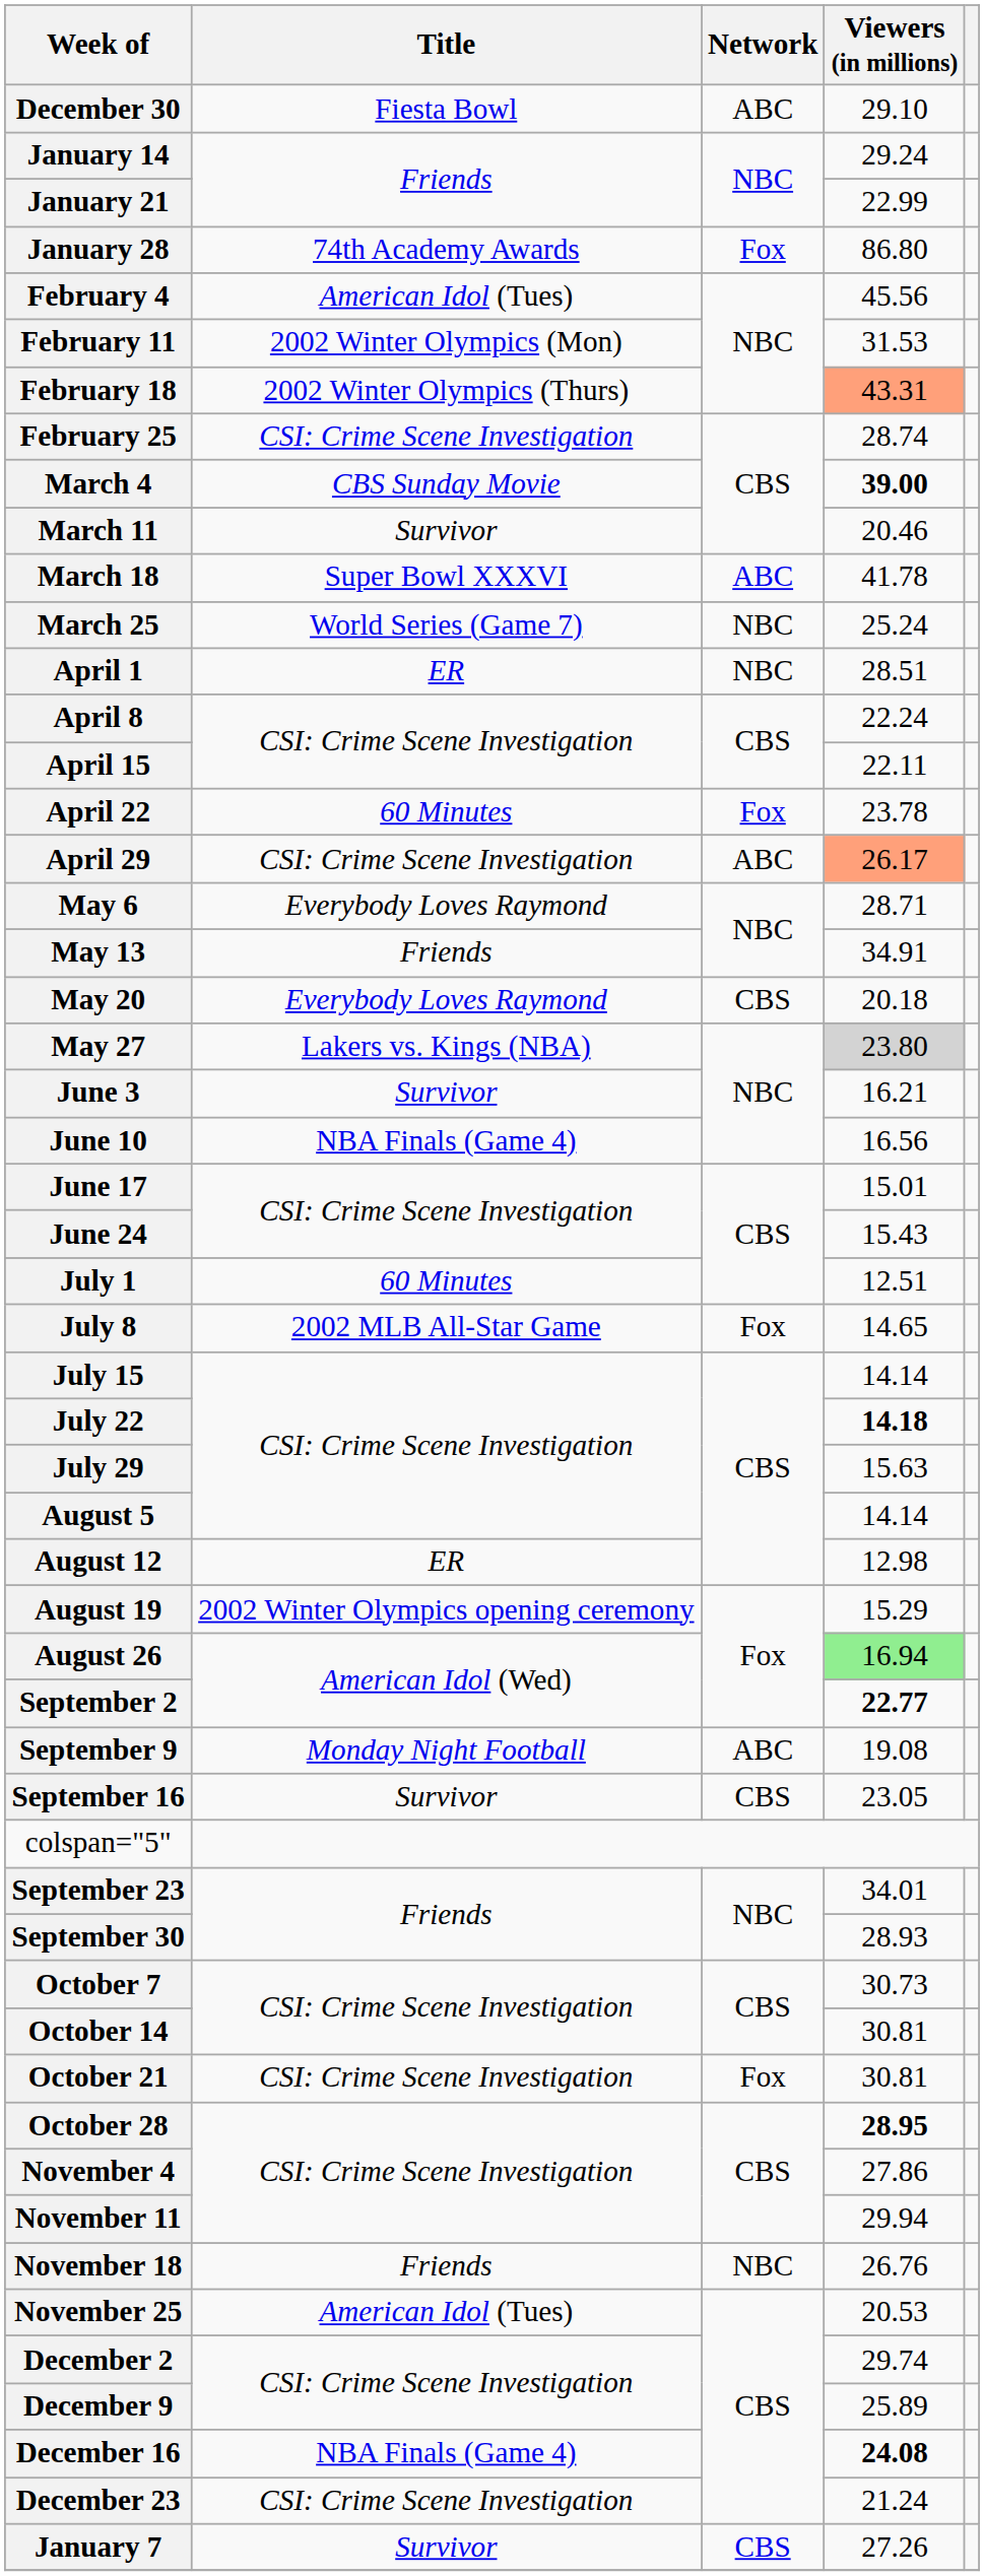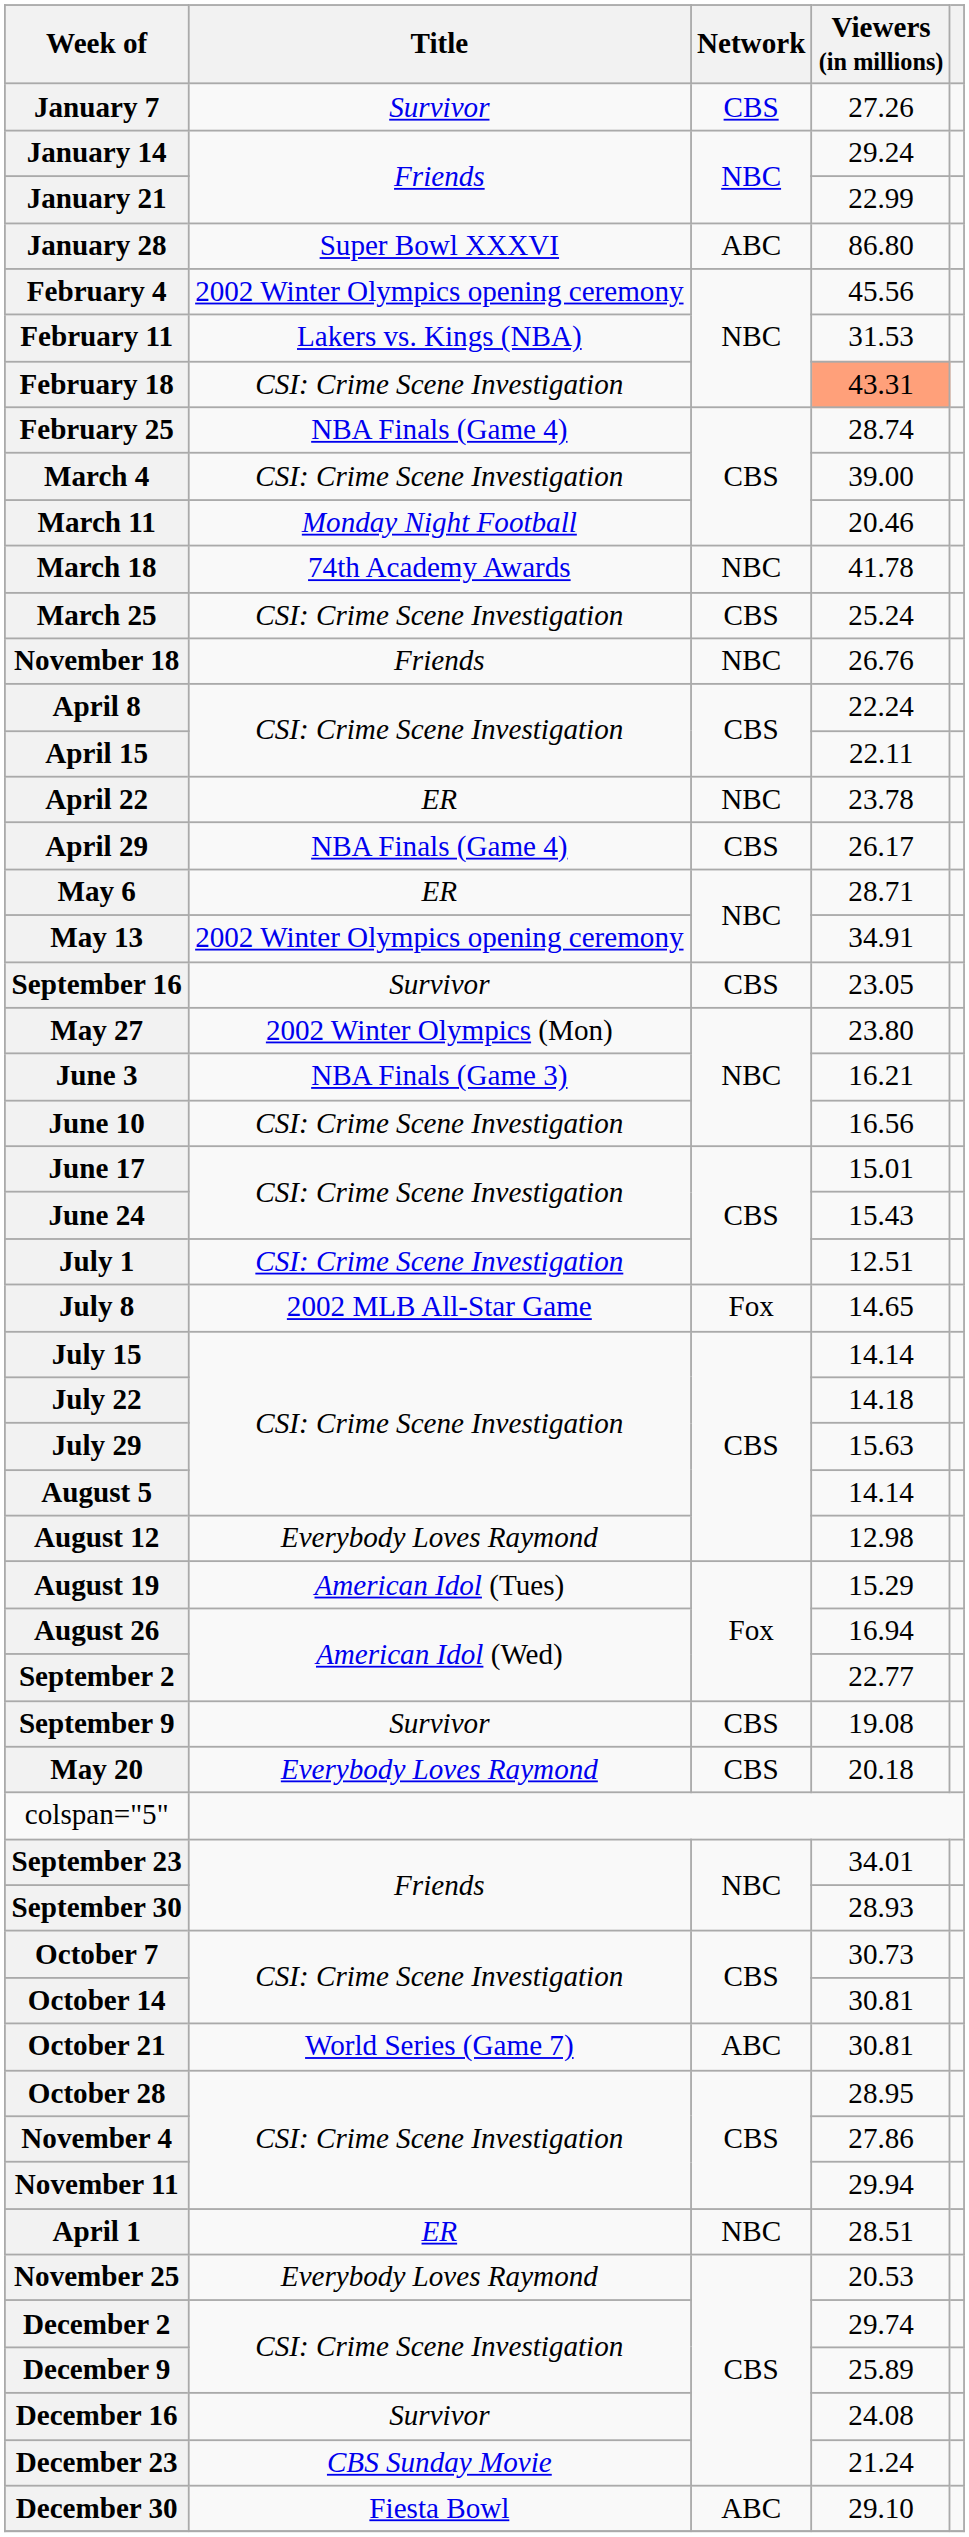 <table class="wikitable plainrowheaders" style="text-align: center; display: inline-table;">
 <tr>
 <th>Week of</th>
 <th>Title</th>
 <th>Network</th>
 <th>Viewers<br><small>(in millions)</small></th>
 <th></th>
 </tr>
 <tr>
-<th scope="row">December 30</th>
-<td><a href='#'>Fiesta Bowl</a></td>
-<td>ABC</td>
-<td>29.10</td>
+<th scope="row">January 7</th>
+<td><em><a href='#'>Survivor</a></em></td>
+<td><a href='#'>CBS</a></td>
+<td>27.26</td>
 <td></td>
 </tr>
 <tr>
 <th scope="row">January 14</th>
 <td rowspan="2"><em><a href='#'>Friends</a></em></td>
 <td rowspan="2"><a href='#'>NBC</a></td>
 <td>29.24</td>
 <td></td>
 </tr>
 <tr>
 <th scope="row">January 21</th>
 <td>22.99</td>
 <td></td>
 </tr>
 <tr>
 <th scope="row">January 28</th>
-<td><a href='#'>74th Academy Awards</a></td>
-<td><a href='#'>Fox</a></td>
+<td><a href='#'>Super Bowl XXXVI</a></td>
+<td>ABC</td>
 <td>86.80</td>
 <td></td>
 </tr>
 <tr>
 <th scope="row">February 4</th>
-<td><em><a href='#'>American Idol</a></em> (Tues)</td>
+<td><a href='#'>2002 Winter Olympics opening ceremony</a></td>
 <td rowspan="3">NBC</td>
 <td>45.56</td>
 <td></td>
 </tr>
 <tr>
 <th scope="row">February 11</th>
-<td><a href='#'>2002 Winter Olympics</a> (Mon)</td>
+<td><a href='#'>Lakers vs. Kings (NBA)</a></td>
 <td>31.53</td>
 <td></td>
 </tr>
 <tr>
 <th scope="row">February 18</th>
-<td><a href='#'>2002 Winter Olympics</a> (Thurs)</td>
+<td><em>CSI: Crime Scene Investigation</em></td>
 <td style="background: lightsalmon;">43.31</td>
 <td></td>
 </tr>
 <tr>
 <th scope="row">February 25</th>
-<td><em><a href='#'>CSI: Crime Scene Investigation</a></em></td>
+<td><a href='#'>NBA Finals (Game 4)</a></td>
 <td rowspan="3">CBS</td>
 <td>28.74</td>
 <td></td>
 </tr>
 <tr>
 <th scope="row">March 4</th>
-<td><em><a href='#'>CBS Sunday Movie</a></em></td>
-<td><strong>39.00</strong></td>
+<td><em>CSI: Crime Scene Investigation</em></td>
+<td>39.00</td>
 <td></td>
 </tr>
 <tr>
 <th scope="row">March 11</th>
-<td><em>Survivor</em></td>
+<td><em><a href='#'>Monday Night Football</a></em></td>
 <td>20.46</td>
 <td></td>
 </tr>
 <tr>
 <th scope="row">March 18</th>
-<td><a href='#'>Super Bowl XXXVI</a></td>
-<td><a href='#'>ABC</a></td>
+<td><a href='#'>74th Academy Awards</a></td>
+<td>NBC</td>
 <td>41.78</td>
 <td></td>
 </tr>
 <tr>
 <th scope="row">March 25</th>
-<td><a href='#'>World Series (Game 7)</a></td>
-<td>NBC</td>
+<td><em>CSI: Crime Scene Investigation</em></td>
+<td>CBS</td>
 <td>25.24</td>
 <td></td>
 </tr>
 <tr>
-<th scope="row">April 1</th>
-<td><em><a href='#'>ER</a></em></td>
+<th scope="row">November 18</th>
+<td><em>Friends</em></td>
 <td>NBC</td>
-<td>28.51</td>
+<td>26.76</td>
 <td></td>
 </tr>
 <tr>
 <th scope="row">April 8</th>
 <td rowspan="2"><em>CSI: Crime Scene Investigation</em></td>
 <td rowspan="2">CBS</td>
 <td>22.24</td>
 <td></td>
 </tr>
 <tr>
 <th scope="row">April 15</th>
 <td>22.11</td>
 <td></td>
 </tr>
 <tr>
 <th scope="row">April 22</th>
-<td><em><a href='#'>60 Minutes</a></em></td>
-<td><a href='#'>Fox</a></td>
+<td><em>ER</em></td>
+<td>NBC</td>
 <td>23.78</td>
 <td></td>
 </tr>
 <tr>
 <th scope="row">April 29</th>
-<td><em>CSI: Crime Scene Investigation</em></td>
-<td>ABC</td>
-<td style="background: lightsalmon;">26.17</td>
+<td><a href='#'>NBA Finals (Game 4)</a></td>
+<td>CBS</td>
+<td>26.17</td>
 <td></td>
 </tr>
 <tr>
 <th scope="row">May 6</th>
-<td><em>Everybody Loves Raymond</em></td>
+<td><em>ER</em></td>
 <td rowspan="2">NBC</td>
 <td>28.71</td>
 <td></td>
 </tr>
 <tr>
 <th scope="row">May 13</th>
-<td><em>Friends</em></td>
+<td><a href='#'>2002 Winter Olympics opening ceremony</a></td>
 <td>34.91</td>
 <td></td>
 </tr>
 <tr>
-<th scope="row">May 20</th>
-<td><em><a href='#'>Everybody Loves Raymond</a></em></td>
+<th scope="row">September 16</th>
+<td><em>Survivor</em></td>
 <td>CBS</td>
-<td>20.18</td>
+<td>23.05</td>
 <td></td>
 </tr>
 <tr>
 <th scope="row">May 27</th>
-<td><a href='#'>Lakers vs. Kings (NBA)</a></td>
+<td><a href='#'>2002 Winter Olympics</a> (Mon)</td>
 <td rowspan="3">NBC</td>
-<td style="background: lightgrey;">23.80</td>
+<td>23.80</td>
 <td></td>
 </tr>
 <tr>
 <th scope="row">June 3</th>
-<td><em><a href='#'>Survivor</a></em></td>
+<td><a href='#'>NBA Finals (Game 3)</a></td>
 <td>16.21</td>
 <td></td>
 </tr>
 <tr>
 <th scope="row">June 10</th>
-<td><a href='#'>NBA Finals (Game 4)</a></td>
+<td><em>CSI: Crime Scene Investigation</em></td>
 <td>16.56</td>
 <td></td>
 </tr>
 <tr>
 <th scope="row">June 17</th>
 <td rowspan="2"><em>CSI: Crime Scene Investigation</em></td>
 <td rowspan="3">CBS</td>
 <td>15.01</td>
 <td></td>
 </tr>
 <tr>
 <th scope="row">June 24</th>
 <td>15.43</td>
 <td></td>
 </tr>
 <tr>
 <th scope="row">July 1</th>
-<td><em><a href='#'>60 Minutes</a></em></td>
+<td><em><a href='#'>CSI: Crime Scene Investigation</a></em></td>
 <td>12.51</td>
 <td></td>
 </tr>
 <tr>
 <th scope="row">July 8</th>
 <td><a href='#'>2002 MLB All-Star Game</a></td>
 <td>Fox</td>
 <td>14.65</td>
 <td></td>
 </tr>
 <tr>
 <th scope="row">July 15</th>
 <td rowspan="4"><em>CSI: Crime Scene Investigation</em></td>
 <td rowspan="5">CBS</td>
 <td>14.14</td>
 <td></td>
 </tr>
 <tr>
 <th scope="row">July 22</th>
-<td><strong>14.18</strong></td>
+<td>14.18</td>
 <td></td>
 </tr>
 <tr>
 <th scope="row">July 29</th>
 <td>15.63</td>
 <td></td>
 </tr>
 <tr>
 <th scope="row">August 5</th>
 <td>14.14</td>
 <td></td>
 </tr>
 <tr>
 <th scope="row">August 12</th>
-<td><em>ER</em></td>
+<td><em>Everybody Loves Raymond</em></td>
 <td>12.98</td>
 <td></td>
 </tr>
 <tr>
 <th scope="row">August 19</th>
-<td><a href='#'>2002 Winter Olympics opening ceremony</a></td>
+<td><em><a href='#'>American Idol</a></em> (Tues)</td>
 <td rowspan="3">Fox</td>
 <td>15.29</td>
 <td></td>
 </tr>
 <tr>
 <th scope="row">August 26</th>
 <td rowspan="2"><em><a href='#'>American Idol</a></em> (Wed)</td>
-<td style="background: lightgreen;">16.94</td>
+<td>16.94</td>
 <td></td>
 </tr>
 <tr>
 <th scope="row">September 2</th>
-<td><strong>22.77</strong></td>
+<td>22.77</td>
 <td></td>
 </tr>
 <tr>
 <th scope="row">September 9</th>
-<td><em><a href='#'>Monday Night Football</a></em></td>
-<td>ABC</td>
+<td><em>Survivor</em></td>
+<td>CBS</td>
 <td>19.08</td>
 <td></td>
 </tr>
 <tr>
-<th scope="row">September 16</th>
-<td><em>Survivor</em></td>
+<th scope="row">May 20</th>
+<td><em><a href='#'>Everybody Loves Raymond</a></em></td>
 <td>CBS</td>
-<td>23.05</td>
+<td>20.18</td>
 <td></td>
 </tr>
 <tr>
 <td>colspan="5" </td>
 </tr>
 <tr>
 <th scope="row">September 23</th>
 <td rowspan="2"><em>Friends</em></td>
 <td rowspan="2">NBC</td>
 <td>34.01</td>
 <td></td>
 </tr>
 <tr>
 <th scope="row">September 30</th>
 <td>28.93</td>
 <td></td>
 </tr>
 <tr>
 <th scope="row">October 7</th>
 <td rowspan="2"><em>CSI: Crime Scene Investigation</em></td>
 <td rowspan="2">CBS</td>
 <td>30.73</td>
 <td></td>
 </tr>
 <tr>
 <th scope="row">October 14</th>
 <td>30.81</td>
 <td></td>
 </tr>
 <tr>
 <th scope="row">October 21</th>
-<td><em>CSI: Crime Scene Investigation</em></td>
-<td>Fox</td>
+<td><a href='#'>World Series (Game 7)</a></td>
+<td>ABC</td>
 <td>30.81</td>
 <td></td>
 </tr>
 <tr>
 <th scope="row">October 28</th>
 <td rowspan="3"><em>CSI: Crime Scene Investigation</em></td>
 <td rowspan="3">CBS</td>
-<td><strong>28.95</strong></td>
+<td>28.95</td>
 <td></td>
 </tr>
 <tr>
 <th scope="row">November 4</th>
 <td>27.86</td>
 <td></td>
 </tr>
 <tr>
 <th scope="row">November 11</th>
 <td>29.94</td>
 <td></td>
 </tr>
 <tr>
-<th scope="row">November 18</th>
-<td><em>Friends</em></td>
+<th scope="row">April 1</th>
+<td><em><a href='#'>ER</a></em></td>
 <td>NBC</td>
-<td>26.76</td>
+<td>28.51</td>
 <td></td>
 </tr>
 <tr>
 <th scope="row">November 25</th>
-<td><em><a href='#'>American Idol</a></em> (Tues)</td>
+<td><em>Everybody Loves Raymond</em></td>
 <td rowspan="5">CBS</td>
 <td>20.53</td>
 <td></td>
 </tr>
 <tr>
 <th scope="row">December 2</th>
 <td rowspan="2"><em>CSI: Crime Scene Investigation</em></td>
 <td>29.74</td>
 <td></td>
 </tr>
 <tr>
 <th scope="row">December 9</th>
 <td>25.89</td>
 <td></td>
 </tr>
 <tr>
 <th scope="row">December 16</th>
-<td><a href='#'>NBA Finals (Game 4)</a></td>
-<td><strong>24.08</strong></td>
+<td><em>Survivor</em></td>
+<td>24.08</td>
 <td></td>
 </tr>
 <tr>
 <th scope="row">December 23</th>
-<td><em>CSI: Crime Scene Investigation</em></td>
+<td><em><a href='#'>CBS Sunday Movie</a></em></td>
 <td>21.24</td>
 <td></td>
 </tr>
 <tr>
-<th scope="row">January 7</th>
-<td><em><a href='#'>Survivor</a></em></td>
-<td><a href='#'>CBS</a></td>
-<td>27.26</td>
+<th scope="row">December 30</th>
+<td><a href='#'>Fiesta Bowl</a></td>
+<td>ABC</td>
+<td>29.10</td>
 <td></td>
 </tr>
 <tr>
 </tr>
 </table>
